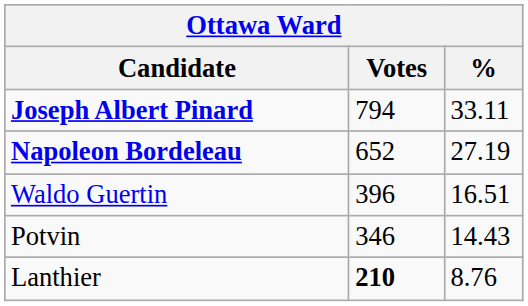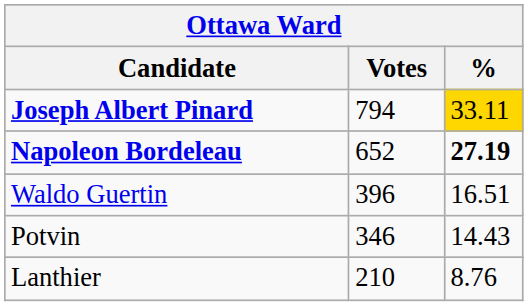 <table class="wikitable">
 <tr>
 <th colspan="3"><a href='#'>Ottawa Ward</a></th>
 </tr>
 <tr>
 <th style="width: 200px">Candidate</th>
 <th style="width: 50px">Votes</th>
 <th style="width: 40px">%</th>
 </tr>
 <tr>
 <td><strong><a href='#'>Joseph Albert Pinard</a></strong></td>
 <td>794</td>
-<td>33.11</td>
+<td style="background: gold;">33.11</td>
 </tr>
 <tr>
 <td><strong><a href='#'>Napoleon Bordeleau</a></strong></td>
 <td>652</td>
-<td>27.19</td>
+<td><strong>27.19</strong></td>
 </tr>
 <tr>
 <td><a href='#'>Waldo Guertin</a></td>
 <td>396</td>
 <td>16.51</td>
 </tr>
 <tr>
 <td>Potvin</td>
 <td>346</td>
 <td>14.43</td>
 </tr>
 <tr>
 <td>Lanthier</td>
-<td><strong>210</strong></td>
+<td>210</td>
 <td>8.76</td>
 </tr>
 </table>
